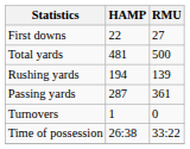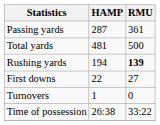 <table class="wikitable" style="float: left;">
 <tr>
 <th>Statistics</th>
 <th>HAMP</th>
 <th>RMU</th>
 </tr>
 <tr>
-<td>First downs</td>
-<td>22</td>
-<td>27</td>
+<td>Passing yards</td>
+<td>287</td>
+<td>361</td>
 </tr>
 <tr>
 <td>Total yards</td>
 <td>481</td>
 <td>500</td>
 </tr>
 <tr>
 <td>Rushing yards</td>
 <td>194</td>
-<td>139</td>
+<td><strong>139</strong></td>
 </tr>
 <tr>
-<td>Passing yards</td>
-<td>287</td>
-<td>361</td>
+<td>First downs</td>
+<td>22</td>
+<td>27</td>
 </tr>
 <tr>
 <td>Turnovers</td>
 <td>1</td>
 <td>0</td>
 </tr>
 <tr>
 <td>Time of possession</td>
 <td>26:38</td>
 <td>33:22</td>
 </tr>
 <tr>
 </tr>
 </table>
